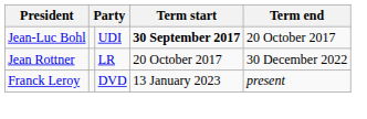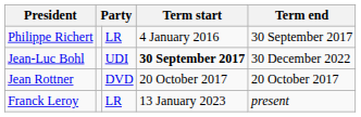 <table class="wikitable" style="font-size:95%;">
 <tr>
 <th>President</th>
 <th colspan="2">Party</th>
 <th>Term start</th>
 <th>Term end</th>
 </tr>
 <tr>
+<td><a href='#'>Philippe Richert</a></td>
+<td style="background:"></td>
+<td><a href='#'>LR</a></td>
+<td>4 January 2016</td>
+<td>30 September 2017</td>
+</tr>
+<tr>
 <td><a href='#'>Jean-Luc Bohl</a></td>
 <td style="background:"></td>
 <td><a href='#'>UDI</a></td>
 <td><strong>30 September 2017</strong></td>
-<td>20 October 2017</td>
+<td>30 December 2022</td>
 </tr>
 <tr>
 <td><a href='#'>Jean Rottner</a></td>
 <td style="background:"></td>
-<td><a href='#'>LR</a></td>
+<td><a href='#'>DVD</a></td>
 <td>20 October 2017</td>
-<td>30 December 2022</td>
+<td>20 October 2017</td>
 </tr>
 <tr>
 <td><a href='#'>Franck Leroy</a></td>
 <td style="background:"></td>
-<td><a href='#'>DVD</a></td>
+<td><a href='#'>LR</a></td>
 <td>13 January 2023</td>
 <td><em>present</em></td>
 </tr>
 </table>
